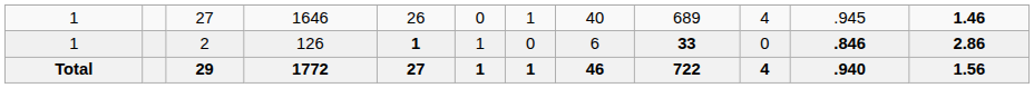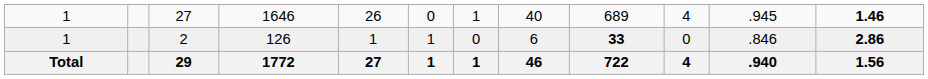 <table class="wikitable sortable" width ="1000">
 <tr align="center">
 </tr>
 <tr align="center">
 <td>1</td>
 <td></td>
 <td>27</td>
 <td>1646</td>
 <td>26</td>
 <td>0</td>
 <td>1</td>
 <td>40</td>
 <td>689</td>
 <td>4</td>
 <td>.945</td>
 <td><strong>1.46</strong></td>
 </tr>
 <tr align="center" bgcolor="#f0f0f0">
 <td>1</td>
 <td></td>
 <td>2</td>
 <td>126</td>
-<td><strong>1</strong></td>
+<td>1</td>
 <td>1</td>
 <td>0</td>
 <td>6</td>
 <td><strong>33</strong></td>
 <td>0</td>
-<td><strong>.846</strong></td>
+<td>.846</td>
 <td><strong>2.86</strong></td>
 </tr>
 <tr>
 <th>Total</th>
 <th></th>
 <th>29</th>
 <th>1772</th>
 <th>27</th>
 <th>1</th>
 <th>1</th>
 <th>46</th>
 <th>722</th>
 <th>4</th>
 <th>.940</th>
 <th>1.56</th>
 </tr>
 </table>
